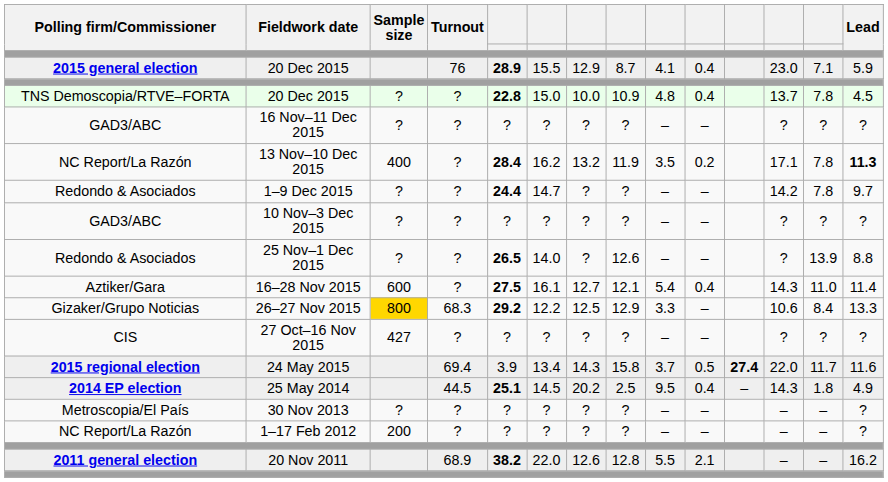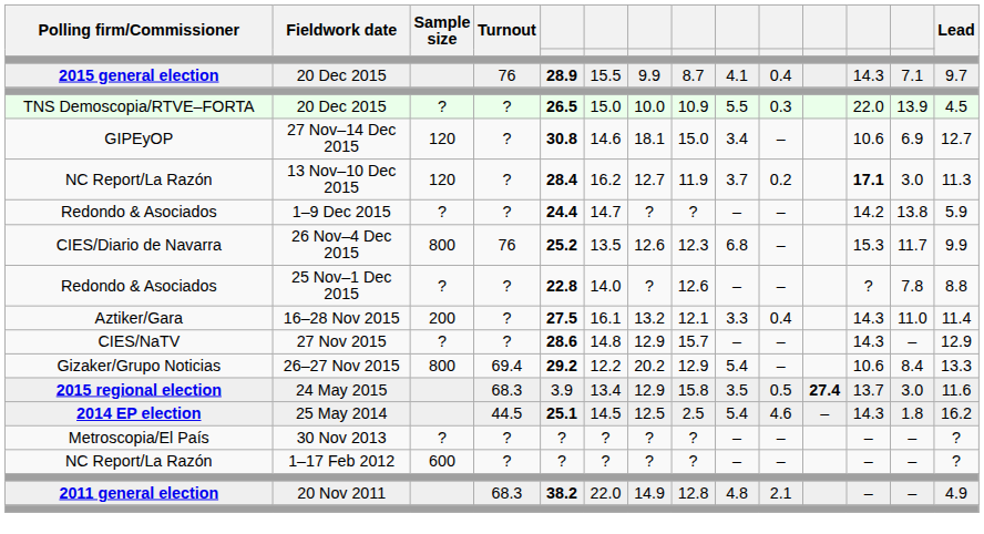 <table class="wikitable collapsible collapsed" style="text-align:center; font-size:95%; line-height:16px;">
 <tr style="height:42px; background-color:#E9E9E9">
 <th style="width:250px;" rowspan="2">Polling firm/Commissioner</th>
 <th style="width:125px;" rowspan="2">Fieldwork date</th>
 <th style="width:50px;" rowspan="2">Sample size</th>
 <th style="width:45px;" rowspan="2">Turnout</th>
 <th style="width:35px;"></th>
 <th style="width:35px;"></th>
 <th style="width:35px;"><br></th>
 <th style="width:35px;"></th>
 <th style="width:35px;"></th>
 <th style="width:35px;"></th>
 <th style="width:35px;"></th>
 <th style="width:35px;"></th>
 <th style="width:35px;"></th>
 <th style="width:30px;" rowspan="2">Lead</th>
 </tr>
 <tr>
 <th style="color:inherit;background:"></th>
 <th style="color:inherit;background:"></th>
 <th style="color:inherit;background:"></th>
 <th style="color:inherit;background:"></th>
 <th style="color:inherit;background:"></th>
 <th style="color:inherit;background:"></th>
 <th style="color:inherit;background:"></th>
 <th style="color:inherit;background:"></th>
 <th style="color:inherit;background:"></th>
 </tr>
 <tr>
 <td colspan="14" style="background:#A0A0A0"></td>
 </tr>
 <tr style="background:#EFEFEF;">
 <td><strong><a href='#'>2015 general election</a></strong></td>
 <td>20 Dec 2015</td>
 <td></td>
 <td>76</td>
 <td><strong>28.9</strong><br></td>
 <td>15.5<br></td>
-<td>12.9<br></td>
+<td>9.9<br></td>
 <td>8.7<br></td>
 <td>4.1<br></td>
 <td>0.4<br></td>
 <td></td>
-<td>23.0<br></td>
+<td>14.3<br></td>
 <td>7.1<br></td>
-<td style="background:">5.9</td>
+<td style="background:">9.7</td>
 </tr>
 <tr>
 <td colspan="14" style="background:#A0A0A0"></td>
 </tr>
 <tr style="background:#EAFFEA;">
 <td>TNS Demoscopia/RTVE–FORTA</td>
 <td>20 Dec 2015</td>
 <td>?</td>
 <td>?</td>
-<td><strong>22.8</strong><br></td>
+<td><strong>26.5</strong><br></td>
 <td>15.0<br></td>
 <td>10.0<br></td>
 <td>10.9<br></td>
-<td>4.8<br></td>
-<td>0.4<br></td>
+<td>5.5<br></td>
+<td>0.3<br></td>
 <td></td>
-<td>13.7<br></td>
-<td>7.8<br></td>
+<td>22.0<br></td>
+<td>13.9<br></td>
 <td style="background:">4.5</td>
 </tr>
 <tr>
-<td>GAD3/ABC</td>
-<td>16 Nov–11 Dec 2015</td>
+<td>GIPEyOP</td>
+<td>27 Nov–14 Dec 2015</td>
+<td>120</td>
 <td>?</td>
-<td>?</td>
-<td>?<br></td>
-<td>?<br></td>
-<td>?<br></td>
-<td>?<br></td>
-<td>–</td>
+<td><strong>30.8</strong><br></td>
+<td>14.6<br></td>
+<td>18.1<br></td>
+<td>15.0<br></td>
+<td>3.4<br></td>
 <td>–</td>
 <td></td>
-<td>?<br></td>
-<td>?<br></td>
-<td style="background:">?</td>
+<td>10.6<br></td>
+<td>6.9<br></td>
+<td style="background:">12.7</td>
 </tr>
 <tr>
 <td>NC Report/La Razón</td>
 <td>13 Nov–10 Dec 2015</td>
-<td>400</td>
+<td>120</td>
 <td>?</td>
 <td><strong>28.4</strong><br></td>
 <td>16.2<br></td>
-<td>13.2<br></td>
+<td>12.7<br></td>
 <td>11.9<br></td>
-<td>3.5<br></td>
+<td>3.7<br></td>
 <td>0.2<br></td>
 <td></td>
-<td>17.1<br></td>
-<td>7.8<br></td>
-<td style="background:"><strong>11.3</strong></td>
+<td><strong>17.1<br></strong></td>
+<td>3.0<br></td>
+<td style="background:">11.3</td>
 </tr>
 <tr>
 <td>Redondo & Asociados</td>
 <td>1–9 Dec 2015</td>
 <td>?</td>
 <td>?</td>
 <td><strong>24.4</strong><br></td>
 <td>14.7<br></td>
 <td>?<br></td>
 <td>?<br></td>
 <td>–</td>
 <td>–</td>
 <td></td>
 <td>14.2<br></td>
-<td>7.8<br></td>
-<td style="background:">9.7</td>
+<td>13.8<br></td>
+<td style="background:">5.9</td>
 </tr>
 <tr>
-<td>GAD3/ABC</td>
-<td>10 Nov–3 Dec 2015</td>
-<td>?</td>
-<td>?</td>
-<td>?<br></td>
-<td>?<br></td>
-<td>?<br></td>
-<td>?<br></td>
-<td>–</td>
+<td>CIES/Diario de Navarra</td>
+<td>26 Nov–4 Dec 2015</td>
+<td>800</td>
+<td>76</td>
+<td><strong>25.2</strong><br></td>
+<td>13.5<br></td>
+<td>12.6<br></td>
+<td>12.3<br></td>
+<td>6.8<br></td>
 <td>–</td>
 <td></td>
-<td>?<br></td>
-<td>?<br></td>
-<td style="background:">?</td>
+<td>15.3<br></td>
+<td>11.7<br></td>
+<td style="background:">9.9</td>
 </tr>
 <tr>
 <td>Redondo & Asociados</td>
 <td>25 Nov–1 Dec 2015</td>
 <td>?</td>
 <td>?</td>
-<td><strong>26.5</strong><br></td>
+<td><strong>22.8</strong><br></td>
 <td>14.0<br></td>
 <td>?<br></td>
 <td>12.6<br></td>
 <td>–</td>
 <td>–</td>
 <td></td>
 <td>?<br></td>
-<td>13.9<br></td>
+<td>7.8<br></td>
 <td style="background:">8.8</td>
 </tr>
 <tr>
 <td>Aztiker/Gara</td>
 <td>16–28 Nov 2015</td>
-<td>600</td>
+<td>200</td>
 <td>?</td>
 <td><strong>27.5</strong><br></td>
 <td>16.1<br></td>
-<td>12.7<br></td>
+<td>13.2<br></td>
 <td>12.1<br></td>
-<td>5.4<br></td>
+<td>3.3<br></td>
 <td>0.4<br></td>
 <td></td>
 <td>14.3<br></td>
 <td>11.0<br></td>
 <td style="background:">11.4</td>
 </tr>
 <tr>
+<td>CIES/NaTV</td>
+<td>27 Nov 2015</td>
+<td>?</td>
+<td>?</td>
+<td><strong>28.6</strong><br></td>
+<td>14.8<br></td>
+<td>12.9<br></td>
+<td>15.7<br></td>
+<td>–</td>
+<td>–</td>
+<td></td>
+<td>14.3<br></td>
+<td>–</td>
+<td style="background:">12.9</td>
+</tr>
+<tr>
 <td>Gizaker/Grupo Noticias</td>
 <td>26–27 Nov 2015</td>
-<td style="background: gold;">800</td>
-<td>68.3</td>
+<td>800</td>
+<td>69.4</td>
 <td><strong>29.2</strong><br></td>
 <td>12.2<br></td>
-<td>12.5<br></td>
+<td>20.2<br></td>
 <td>12.9<br></td>
-<td>3.3<br></td>
+<td>5.4<br></td>
 <td>–</td>
 <td></td>
 <td>10.6<br></td>
 <td>8.4<br></td>
 <td style="background:">13.3</td>
 </tr>
-<tr>
-<td>CIS</td>
-<td>27 Oct–16 Nov 2015</td>
-<td>427</td>
-<td>?</td>
-<td>?<br></td>
-<td>?<br></td>
-<td>?<br></td>
-<td>?<br></td>
-<td>–</td>
-<td>–</td>
-<td></td>
-<td>?<br></td>
-<td>?<br></td>
-<td style="background:">?</td>
-</tr>
 <tr style="background:#EFEFEF;">
 <td><strong><a href='#'>2015 regional election</a></strong></td>
 <td>24 May 2015</td>
 <td></td>
-<td>69.4</td>
+<td>68.3</td>
 <td>3.9<br></td>
 <td>13.4<br></td>
-<td>14.3<br></td>
+<td>12.9<br></td>
 <td>15.8<br></td>
-<td>3.7<br></td>
+<td>3.5<br></td>
 <td>0.5<br></td>
 <td><strong>27.4</strong><br></td>
-<td>22.0<br></td>
-<td>11.7<br></td>
+<td>13.7<br></td>
+<td>3.0<br></td>
 <td style="background:">11.6</td>
 </tr>
 <tr style="background:#EFEFEF;">
 <td><strong><a href='#'>2014 EP election</a></strong></td>
 <td>25 May 2014</td>
 <td></td>
 <td>44.5</td>
 <td><strong>25.1</strong><br></td>
 <td>14.5<br></td>
-<td>20.2<br></td>
+<td>12.5<br></td>
 <td>2.5<br></td>
-<td>9.5<br></td>
-<td>0.4<br></td>
+<td>5.4<br></td>
+<td>4.6<br></td>
 <td>–</td>
 <td>14.3<br></td>
 <td>1.8<br></td>
-<td style="background:">4.9</td>
+<td style="background:">16.2</td>
 </tr>
 <tr>
 <td>Metroscopia/El País</td>
 <td>30 Nov 2013</td>
 <td>?</td>
 <td>?</td>
 <td>?<br></td>
 <td>?<br></td>
 <td>?<br></td>
 <td>?<br></td>
 <td>–</td>
 <td>–</td>
 <td></td>
 <td>–</td>
 <td>–</td>
 <td style="background:">?</td>
 </tr>
 <tr>
 <td>NC Report/La Razón</td>
 <td>1–17 Feb 2012</td>
-<td>200</td>
+<td>600</td>
 <td>?</td>
 <td>?<br></td>
 <td>?<br></td>
 <td>?<br></td>
 <td>?<br></td>
 <td>–</td>
 <td>–</td>
 <td></td>
 <td>–</td>
 <td>–</td>
 <td style="background:">?</td>
 </tr>
 <tr>
 <td colspan="14" style="background:#A0A0A0"></td>
 </tr>
 <tr style="background:#EFEFEF;">
 <td><strong><a href='#'>2011 general election</a></strong></td>
 <td>20 Nov 2011</td>
 <td></td>
-<td>68.9</td>
+<td>68.3</td>
 <td><strong>38.2</strong><br></td>
 <td>22.0<br></td>
-<td>12.6<br></td>
+<td>14.9<br></td>
 <td>12.8<br></td>
-<td>5.5<br></td>
+<td>4.8<br></td>
 <td>2.1<br></td>
 <td></td>
 <td>–</td>
 <td>–</td>
-<td style="background:">16.2</td>
+<td style="background:">4.9</td>
 </tr>
 <tr>
 <td colspan="14" style="background:#A0A0A0"></td>
 </tr>
 </table>
